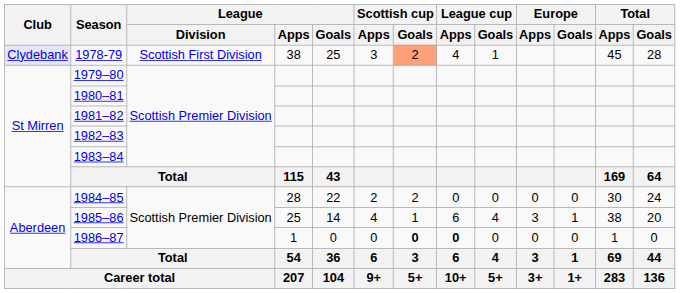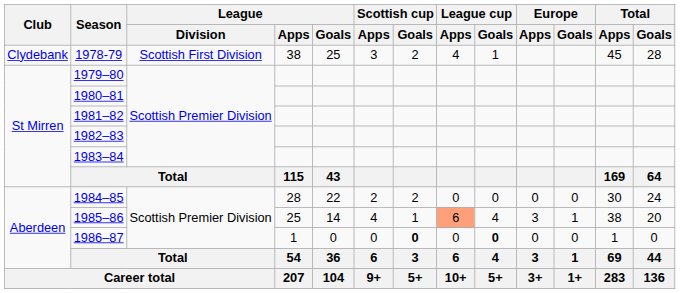 <table class="wikitable" style="text-align:center">
 <tr>
 <th rowspan="2">Club</th>
 <th rowspan="2">Season</th>
 <th colspan="3">League</th>
 <th colspan="2">Scottish cup</th>
 <th colspan="2">League cup</th>
 <th colspan="2">Europe</th>
 <th colspan="2">Total</th>
 </tr>
 <tr>
 <th>Division</th>
 <th>Apps</th>
 <th>Goals</th>
 <th>Apps</th>
 <th>Goals</th>
 <th>Apps</th>
 <th>Goals</th>
 <th>Apps</th>
 <th>Goals</th>
 <th>Apps</th>
 <th>Goals</th>
 </tr>
 <tr>
-<td style="background: lavender;"><a href='#'>Clydebank</a></td>
+<td><a href='#'>Clydebank</a></td>
 <td><a href='#'>1978-79</a></td>
 <td><a href='#'>Scottish First Division</a></td>
 <td>38</td>
 <td>25</td>
 <td>3</td>
-<td style="background: lightsalmon;">2</td>
+<td>2</td>
 <td>4</td>
 <td>1</td>
 <td></td>
 <td></td>
 <td>45</td>
 <td>28</td>
 </tr>
 <tr>
 <td rowspan="6"><a href='#'>St Mirren</a></td>
 <td><a href='#'>1979–80</a></td>
 <td rowspan="5"><a href='#'>Scottish Premier Division</a></td>
 <td></td>
 <td></td>
 <td></td>
 <td></td>
 <td></td>
 <td></td>
 <td></td>
 <td></td>
 <td></td>
 <td></td>
 </tr>
 <tr>
 <td><a href='#'>1980–81</a></td>
 <td></td>
 <td></td>
 <td></td>
 <td></td>
 <td></td>
 <td></td>
 <td></td>
 <td></td>
 <td></td>
 <td></td>
 </tr>
 <tr>
 <td><a href='#'>1981–82</a></td>
 <td></td>
 <td></td>
 <td></td>
 <td></td>
 <td></td>
 <td></td>
 <td></td>
 <td></td>
 <td></td>
 <td></td>
 </tr>
 <tr>
 <td><a href='#'>1982–83</a></td>
 <td></td>
 <td></td>
 <td></td>
 <td></td>
 <td></td>
 <td></td>
 <td></td>
 <td></td>
 <td></td>
 <td></td>
 </tr>
 <tr>
 <td><a href='#'>1983–84</a></td>
 <td></td>
 <td></td>
 <td></td>
 <td></td>
 <td></td>
 <td></td>
 <td></td>
 <td></td>
 <td></td>
 <td></td>
 </tr>
 <tr>
 <th colspan="2">Total</th>
 <th>115</th>
 <th>43</th>
 <th></th>
 <th></th>
 <th></th>
 <th></th>
 <th></th>
 <th></th>
 <th>169</th>
 <th>64</th>
 </tr>
 <tr>
 <td rowspan="4"><a href='#'>Aberdeen</a></td>
 <td><a href='#'>1984–85</a></td>
 <td rowspan="3">Scottish Premier Division</td>
 <td>28</td>
 <td>22</td>
 <td>2</td>
 <td>2</td>
 <td>0</td>
 <td>0</td>
 <td>0</td>
 <td>0</td>
 <td>30</td>
 <td>24</td>
 </tr>
 <tr>
 <td><a href='#'>1985–86</a></td>
 <td>25</td>
 <td>14</td>
 <td>4</td>
 <td>1</td>
-<td>6</td>
+<td style="background: lightsalmon;">6</td>
 <td>4</td>
 <td>3</td>
 <td>1</td>
 <td>38</td>
 <td>20</td>
 </tr>
 <tr>
 <td><a href='#'>1986–87</a></td>
 <td>1</td>
 <td>0</td>
 <td>0</td>
 <td><strong>0</strong></td>
+<td>0</td>
 <td><strong>0</strong></td>
-<td>0</td>
 <td>0</td>
 <td>0</td>
 <td>1</td>
 <td>0</td>
 </tr>
 <tr>
 <th colspan="2">Total</th>
 <th>54</th>
 <th>36</th>
 <th>6</th>
 <th>3</th>
 <th>6</th>
 <th>4</th>
 <th>3</th>
 <th>1</th>
 <th>69</th>
 <th>44</th>
 </tr>
 <tr>
 <th colspan="3">Career total</th>
 <th>207</th>
 <th>104</th>
 <th>9+</th>
 <th>5+</th>
 <th>10+</th>
 <th>5+</th>
 <th>3+</th>
 <th>1+</th>
 <th>283</th>
 <th>136</th>
 </tr>
 </table>
